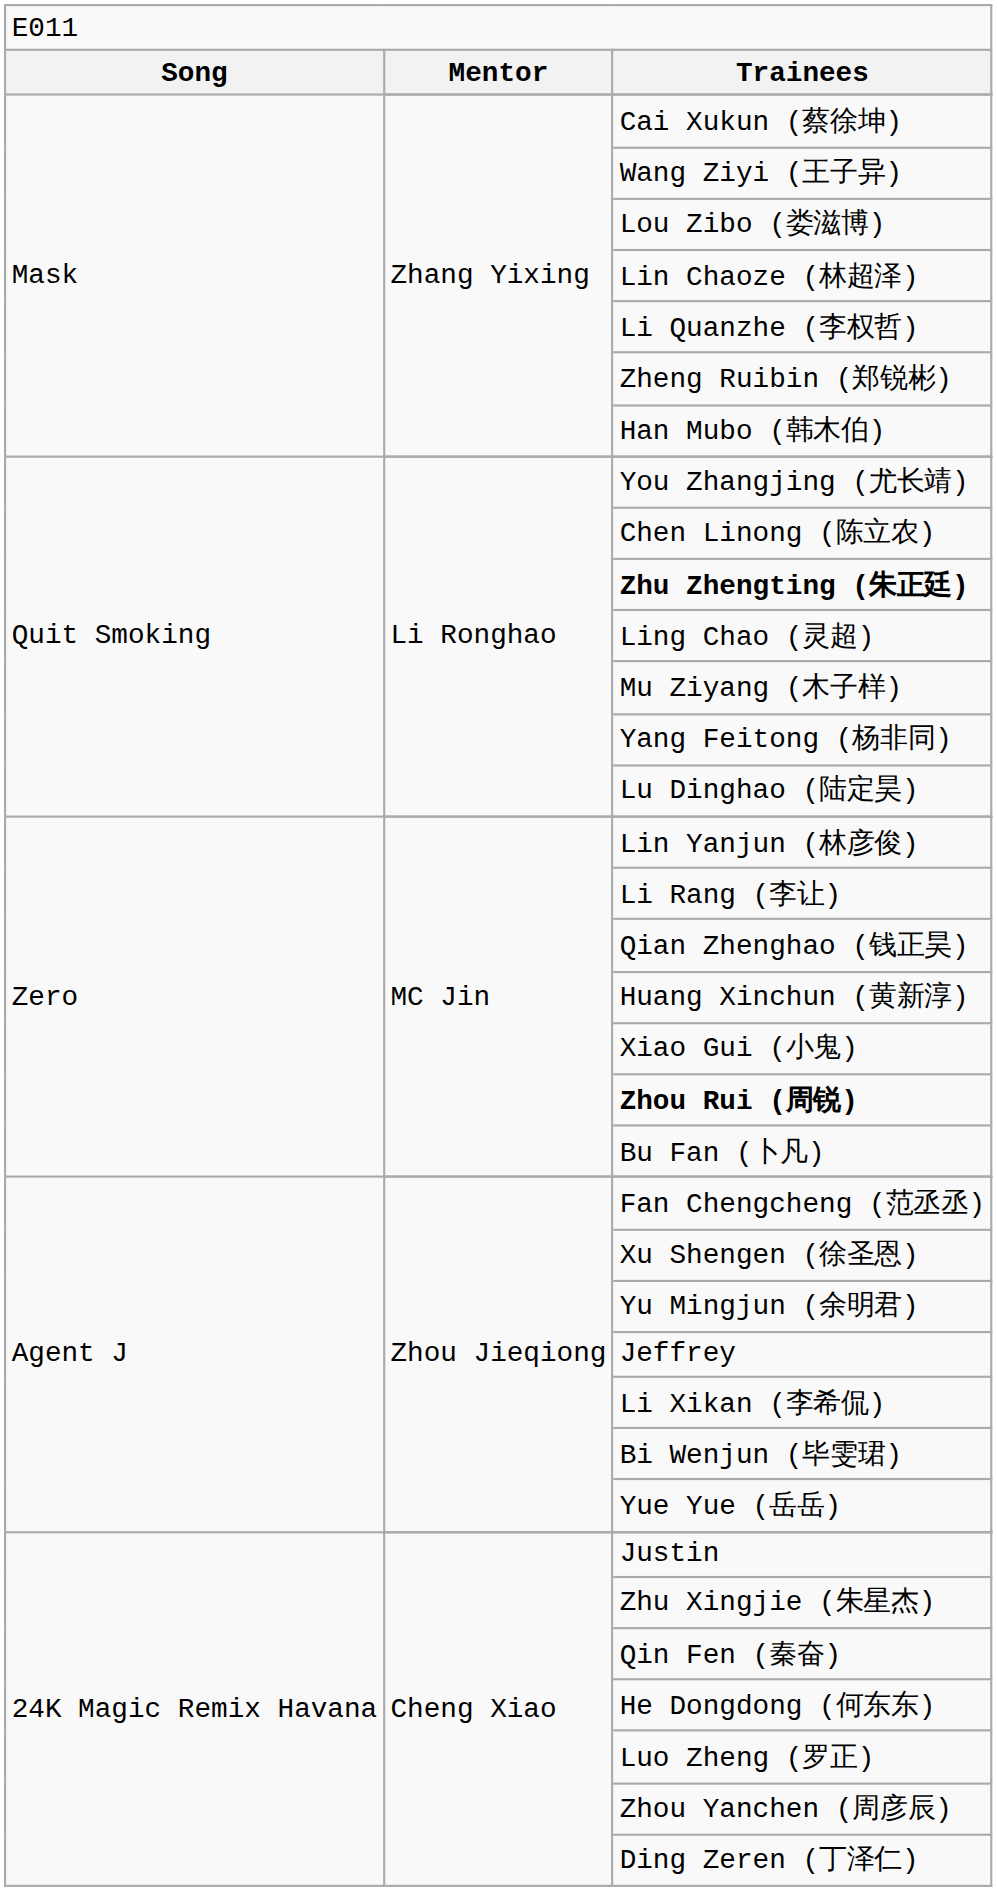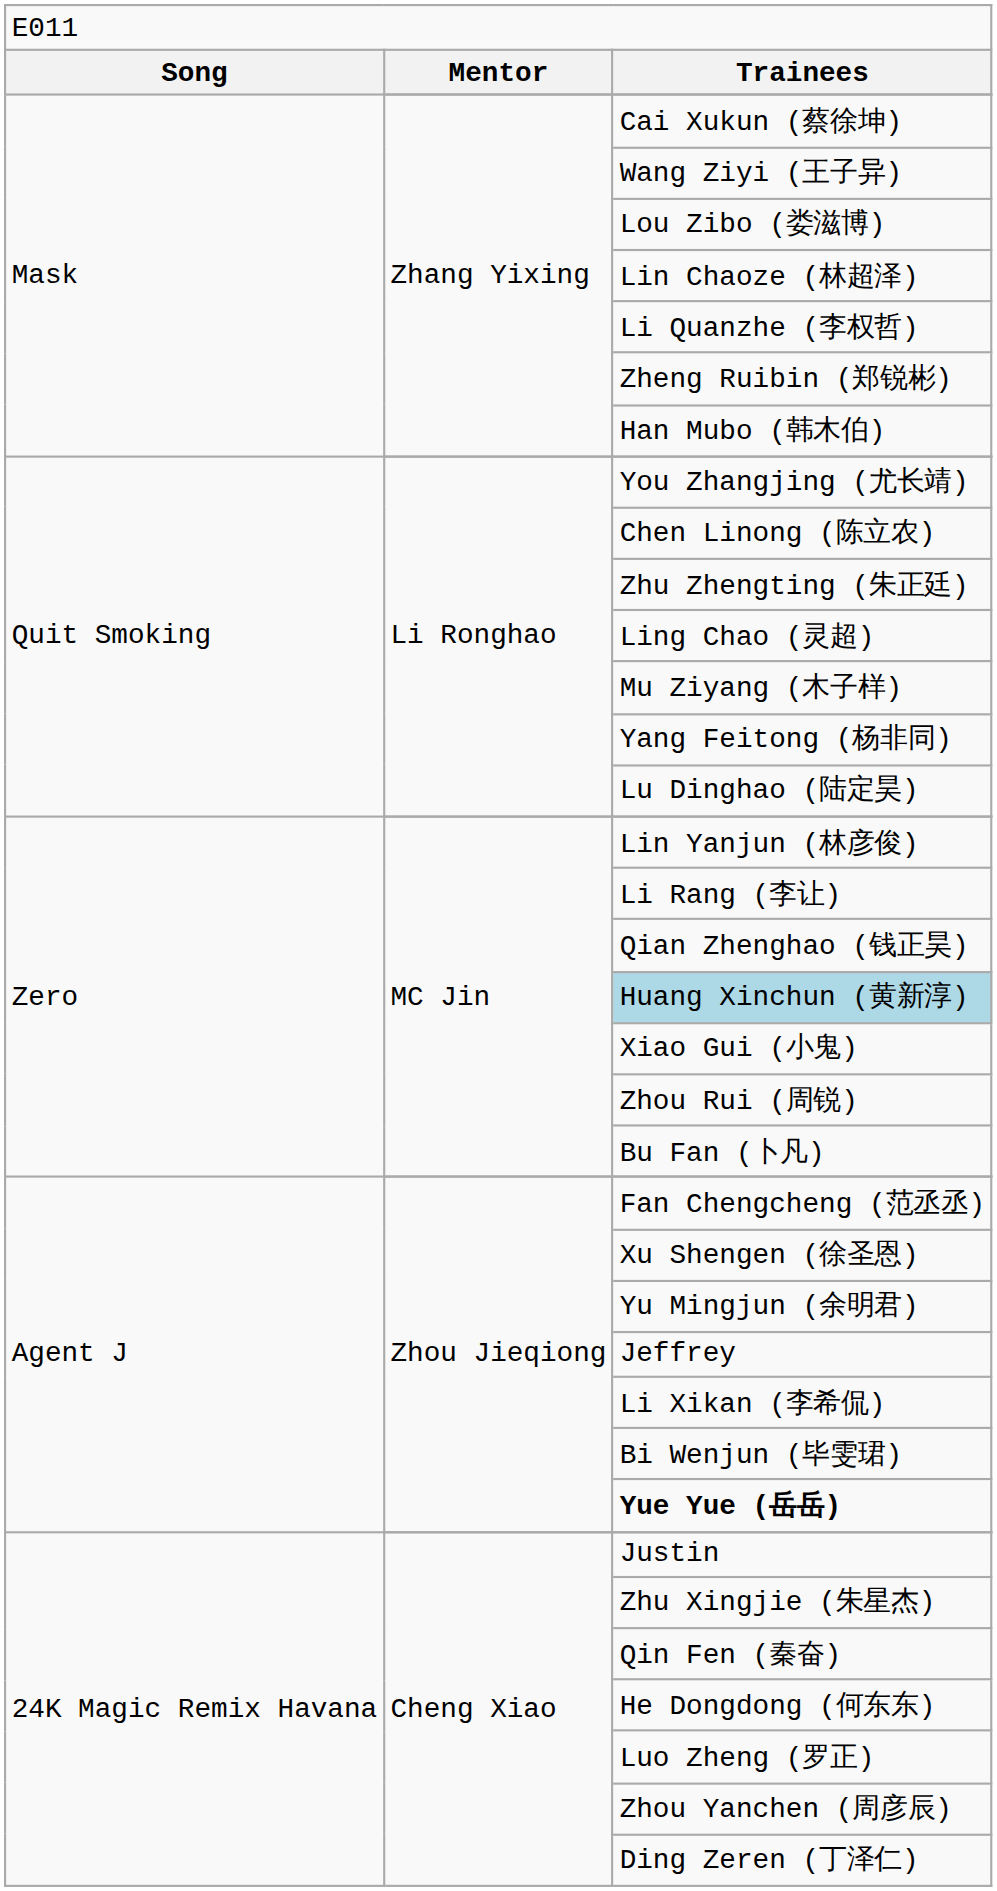 <table class="wikitable mw-collapsible">
 <tr>
 <td colspan="3">E011</td>
 </tr>
 <tr>
 <th>Song</th>
 <th>Mentor</th>
 <th>Trainees</th>
 </tr>
 <tr>
 <td rowspan="9">Mask</td>
 </tr>
 <tr>
 <td rowspan="8">Zhang Yixing</td>
 </tr>
 <tr>
 <td>Cai Xukun (蔡徐坤)</td>
 </tr>
 <tr>
 <td>Wang Ziyi (王子异)</td>
 </tr>
 <tr>
 <td>Lou Zibo (娄滋博)</td>
 </tr>
 <tr>
 <td>Lin Chaoze (林超泽)</td>
 </tr>
 <tr>
 <td>Li Quanzhe (李权哲)</td>
 </tr>
 <tr>
 <td>Zheng Ruibin (郑锐彬)</td>
 </tr>
 <tr>
 <td>Han Mubo (韩木伯)</td>
 </tr>
 <tr>
 <td rowspan="9">Quit Smoking</td>
 </tr>
 <tr>
 <td rowspan="8">Li Ronghao</td>
 </tr>
 <tr>
 <td>You Zhangjing (尤长靖)</td>
 </tr>
 <tr>
 <td>Chen Linong (陈立农)</td>
 </tr>
 <tr>
-<td><strong>Zhu Zhengting (朱正廷)</strong></td>
+<td>Zhu Zhengting (朱正廷)</td>
 </tr>
 <tr>
 <td>Ling Chao (灵超)</td>
 </tr>
 <tr>
 <td>Mu Ziyang (木子样)</td>
 </tr>
 <tr>
 <td>Yang Feitong (杨非同)</td>
 </tr>
 <tr>
 <td>Lu Dinghao (陆定昊)</td>
 </tr>
 <tr>
 <td rowspan="9">Zero</td>
 </tr>
 <tr>
 <td rowspan="8">MC Jin</td>
 </tr>
 <tr>
 <td>Lin Yanjun (林彦俊)</td>
 </tr>
 <tr>
 <td>Li Rang (李让)</td>
 </tr>
 <tr>
 <td>Qian Zhenghao (钱正昊)</td>
 </tr>
 <tr>
-<td>Huang Xinchun (黄新淳)</td>
+<td style="background: lightblue;">Huang Xinchun (黄新淳)</td>
 </tr>
 <tr>
 <td>Xiao Gui (小鬼)</td>
 </tr>
 <tr>
-<td><strong>Zhou Rui (周锐)</strong></td>
+<td>Zhou Rui (周锐)</td>
 </tr>
 <tr>
 <td>Bu Fan (卜凡)</td>
 </tr>
 <tr>
 <td rowspan="9">Agent J</td>
 </tr>
 <tr>
 <td rowspan="8">Zhou Jieqiong</td>
 </tr>
 <tr>
 <td>Fan Chengcheng (范丞丞)</td>
 </tr>
 <tr>
 <td>Xu Shengen (徐圣恩)</td>
 </tr>
 <tr>
 <td>Yu Mingjun (余明君)</td>
 </tr>
 <tr>
 <td>Jeffrey</td>
 </tr>
 <tr>
 <td>Li Xikan (李希侃)</td>
 </tr>
 <tr>
 <td>Bi Wenjun (毕雯珺)</td>
 </tr>
 <tr>
-<td>Yue Yue (岳岳)</td>
+<td><strong>Yue Yue (岳岳)</strong></td>
 </tr>
 <tr>
 <td rowspan="9">24K Magic Remix Havana</td>
 </tr>
 <tr>
 <td rowspan="8">Cheng Xiao</td>
 </tr>
 <tr>
 <td>Justin</td>
 </tr>
 <tr>
 <td>Zhu Xingjie (朱星杰)</td>
 </tr>
 <tr>
 <td>Qin Fen (秦奋)</td>
 </tr>
 <tr>
 <td>He Dongdong (何东东)</td>
 </tr>
 <tr>
 <td>Luo Zheng (罗正)</td>
 </tr>
 <tr>
 <td>Zhou Yanchen (周彦辰)</td>
 </tr>
 <tr>
 <td>Ding Zeren (丁泽仁)</td>
 </tr>
 </table>
